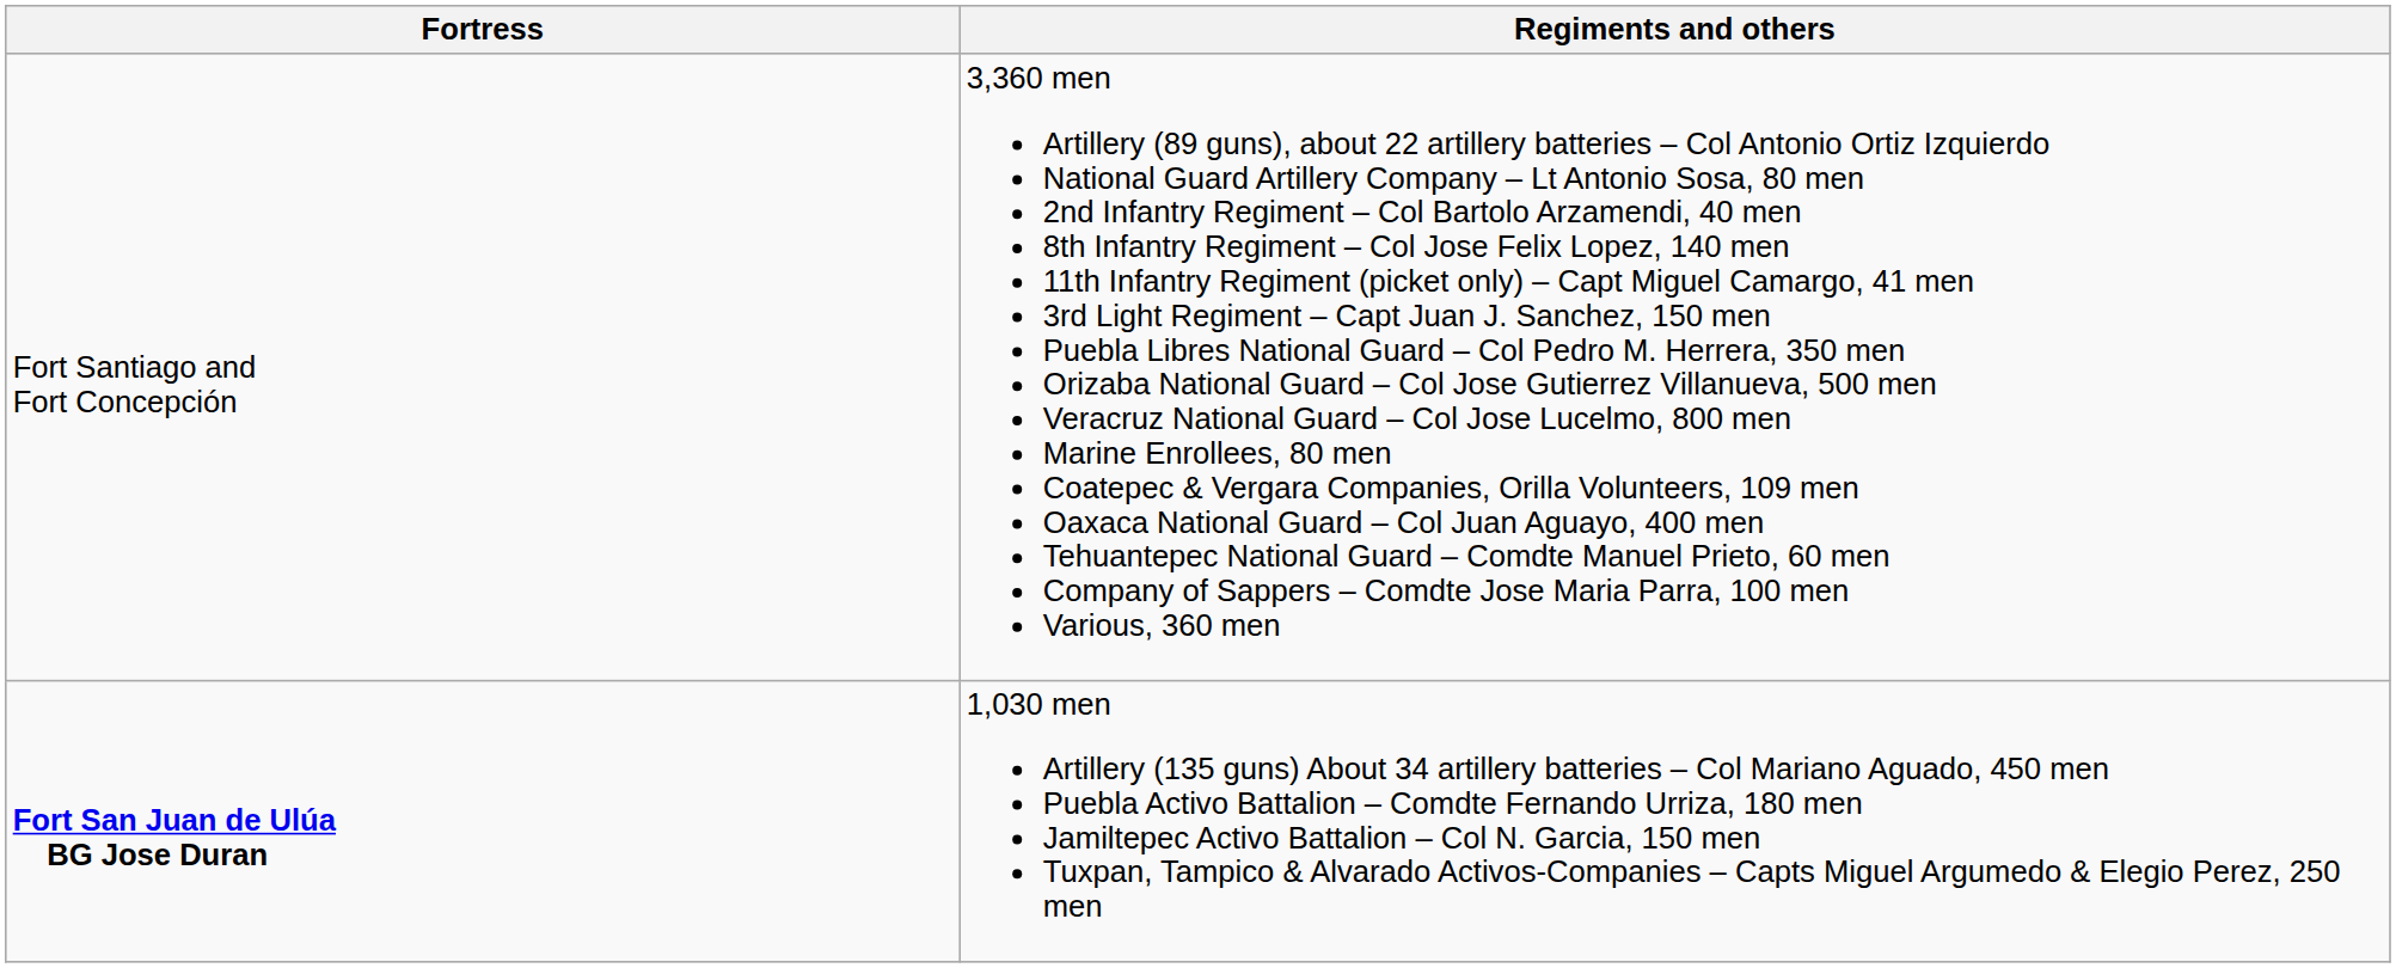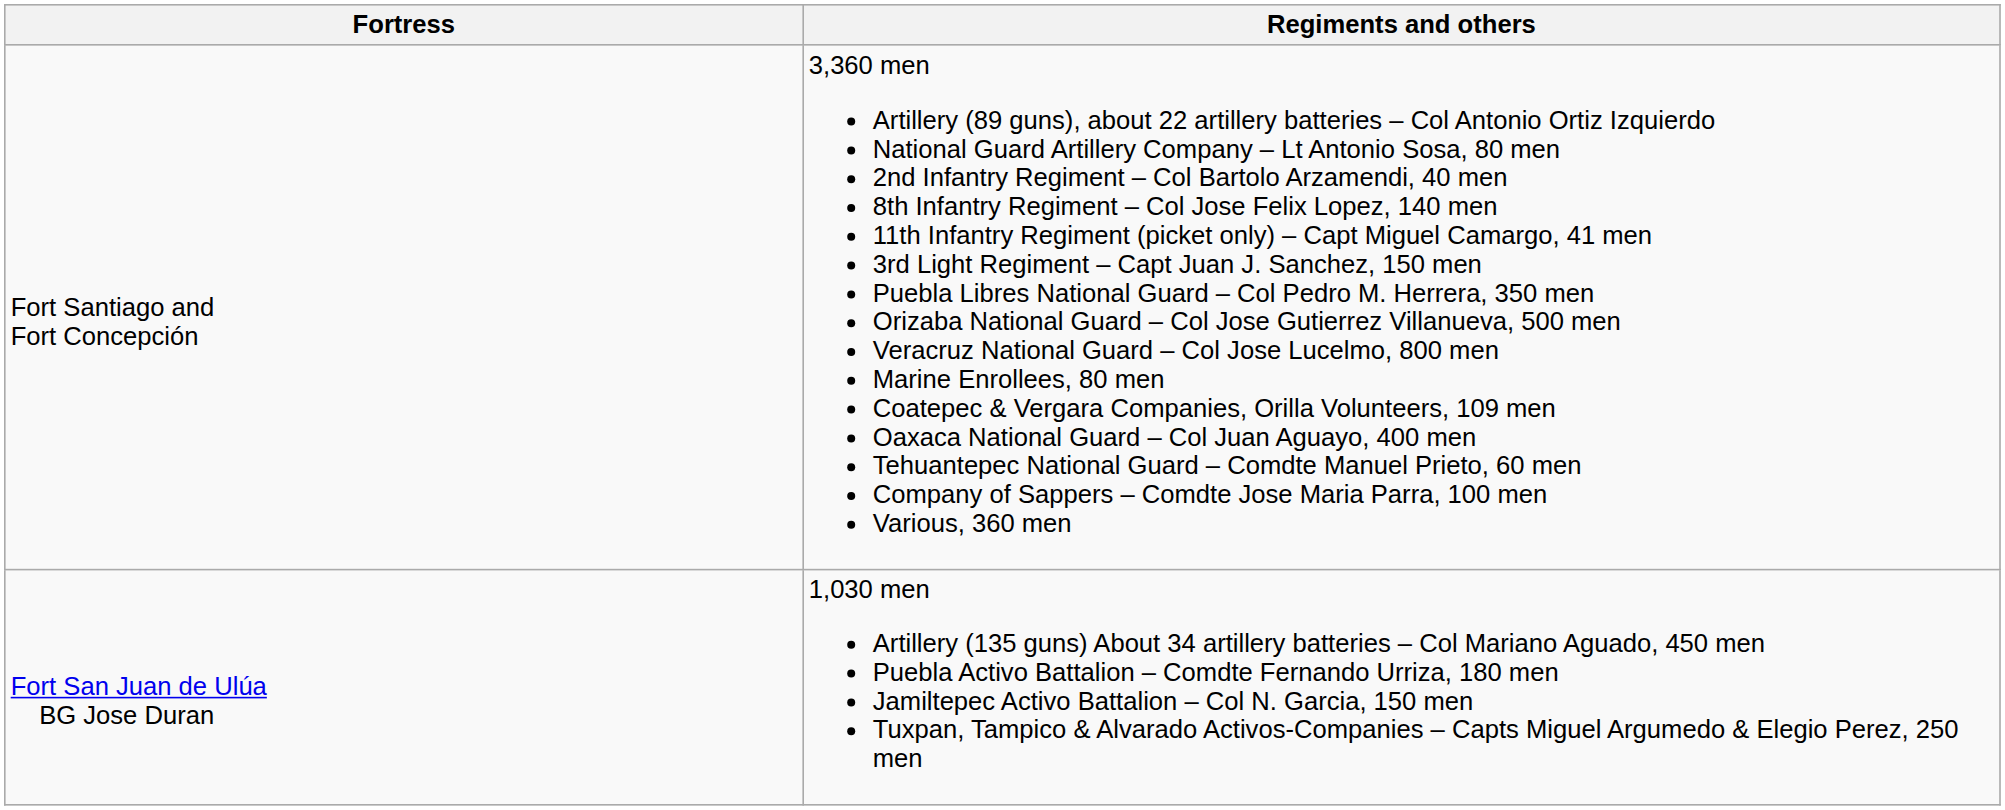 <table class="wikitable">
 <tr>
 <th width=40%>Fortress</th>
 <th width=60%>Regiments and others</th>
 </tr>
 <tr>
 <td rowspan=1><br>Fort Santiago and<br> Fort Concepción</td>
 <td>3,360 men<br><ul><li>Artillery (89 guns), about 22 artillery batteries – Col Antonio Ortiz Izquierdo</li><li>National Guard Artillery Company – Lt Antonio Sosa, 80 men</li><li>2nd Infantry Regiment – Col Bartolo Arzamendi, 40 men</li><li>8th Infantry Regiment – Col Jose Felix Lopez, 140 men</li><li>11th Infantry Regiment (picket only) – Capt Miguel Camargo, 41 men</li><li>3rd Light Regiment – Capt Juan J. Sanchez, 150 men</li><li>Puebla Libres National Guard – Col Pedro M. Herrera, 350 men</li><li>Orizaba National Guard – Col Jose Gutierrez Villanueva, 500 men</li><li>Veracruz National Guard – Col Jose Lucelmo, 800 men</li><li>Marine Enrollees, 80 men</li><li>Coatepec & Vergara Companies, Orilla Volunteers, 109 men</li><li>Oaxaca National Guard – Col Juan Aguayo, 400 men</li><li>Tehuantepec National Guard – Comdte Manuel Prieto, 60 men</li><li>Company of Sappers – Comdte Jose Maria Parra, 100 men</li><li>Various, 360 men</li></ul></td>
 </tr>
 <tr>
-<td rowspan=1><strong><br><a href='#'>Fort San Juan de Ulúa</a> <br>    BG Jose Duran</strong></td>
+<td rowspan=1><br><a href='#'>Fort San Juan de Ulúa</a> <br>    BG Jose Duran</td>
 <td>1,030 men<br><ul><li>Artillery (135 guns) About 34 artillery batteries – Col Mariano Aguado, 450 men</li><li>Puebla Activo Battalion – Comdte Fernando Urriza, 180 men</li><li>Jamiltepec Activo Battalion – Col N. Garcia, 150 men</li><li>Tuxpan, Tampico & Alvarado Activos-Companies – Capts Miguel Argumedo & Elegio Perez, 250 men</li></ul></td>
 </tr>
 </table>
